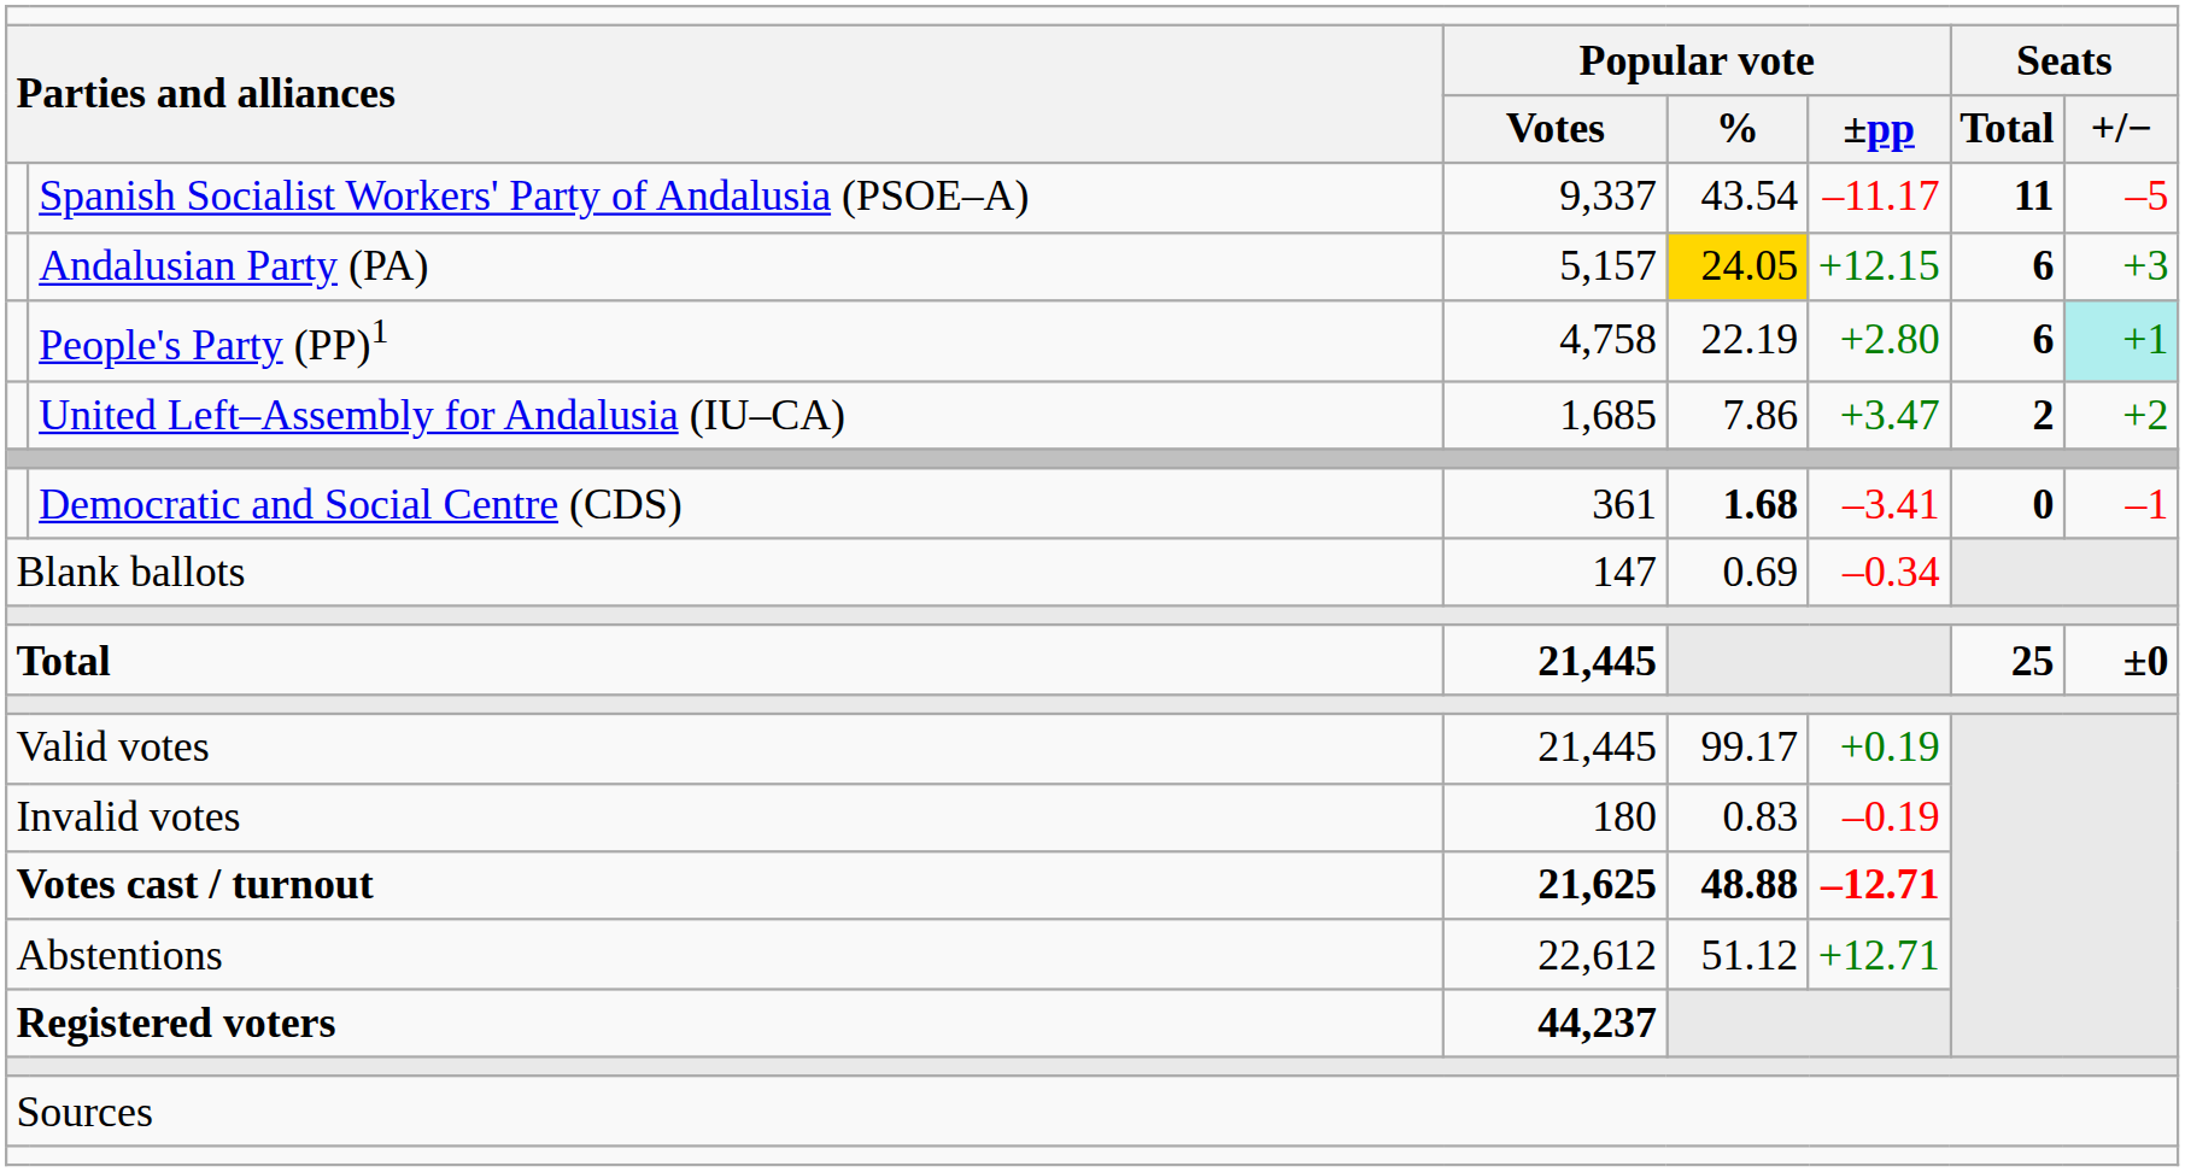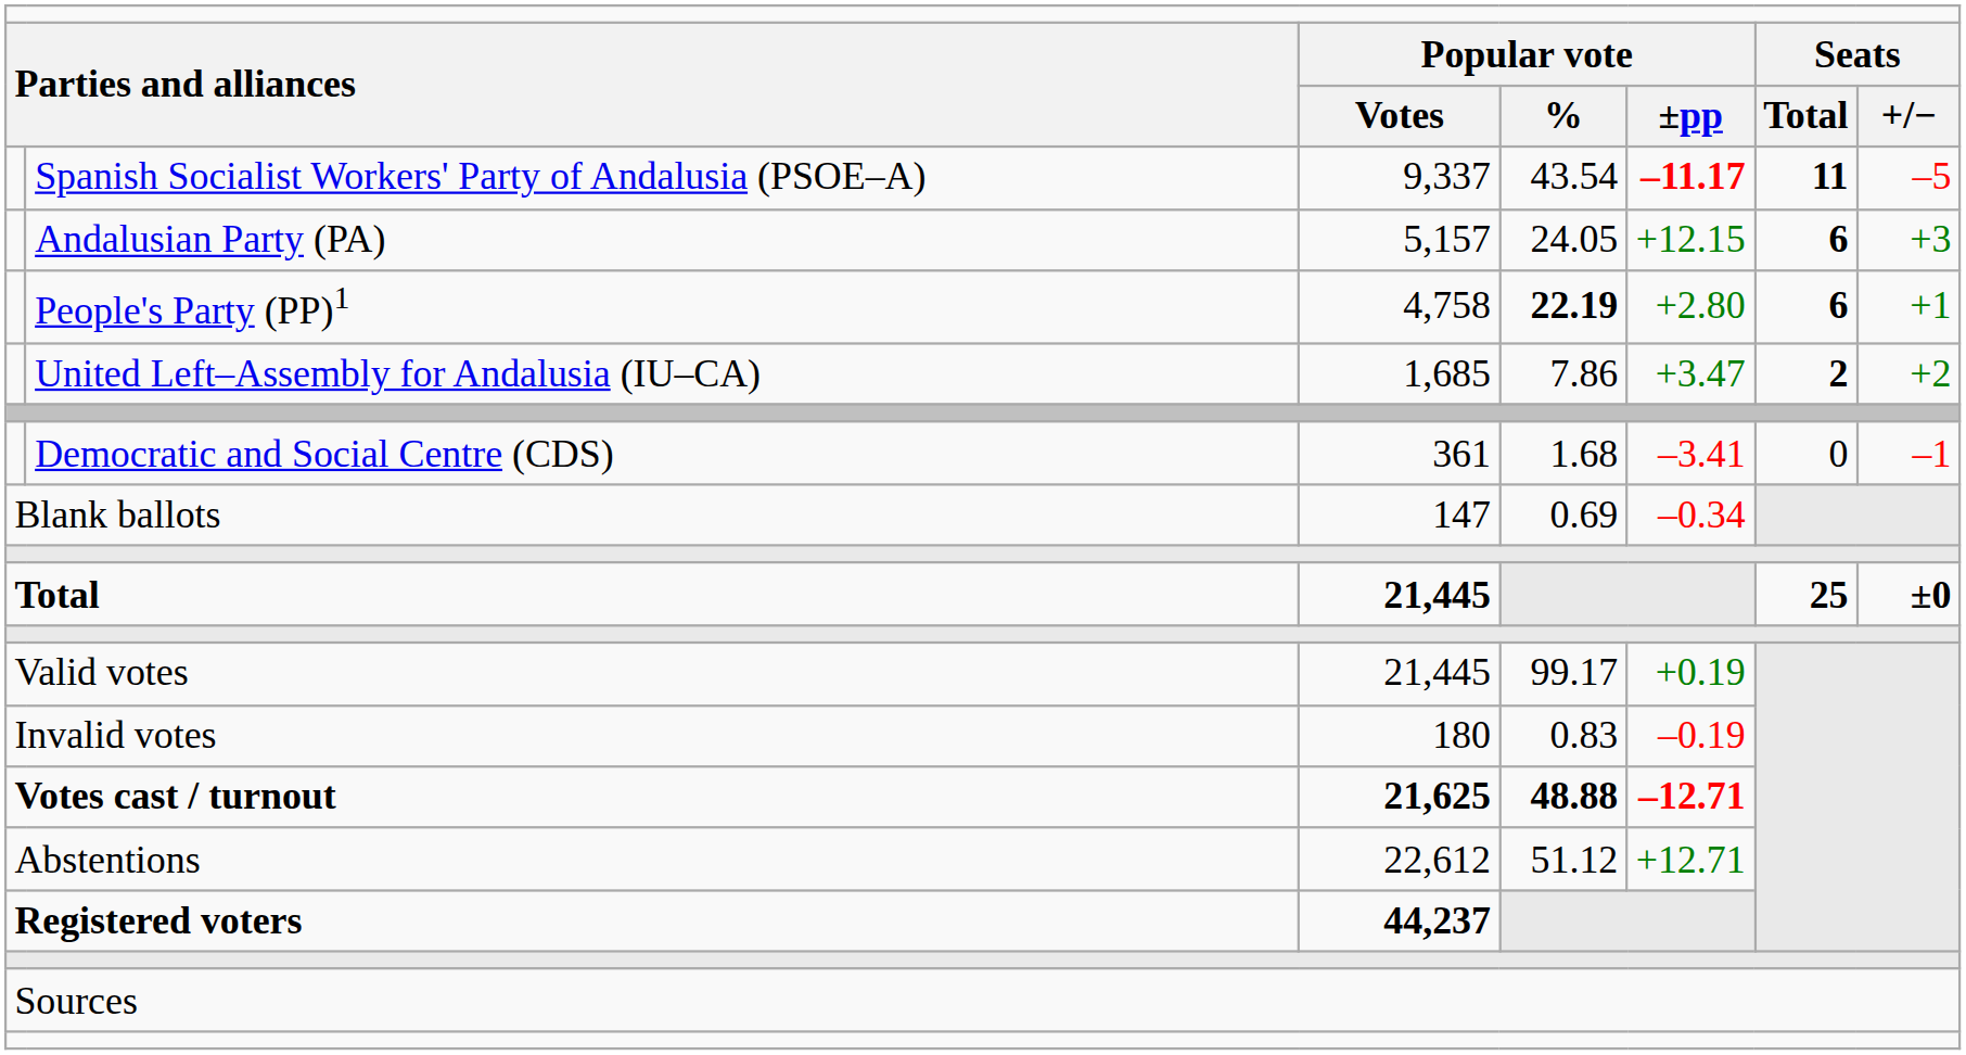 <table class="wikitable" style="text-align:right;">
 <tr>
 <td colspan="7"></td>
 </tr>
 <tr>
 <th style="text-align:left;" rowspan="2" colspan="2" width="525">Parties and alliances</th>
 <th colspan="3">Popular vote</th>
 <th colspan="2">Seats</th>
 </tr>
 <tr>
 <th width="75">Votes</th>
 <th width="45">%</th>
 <th width="45">±<a href='#'>pp</a></th>
 <th width="35">Total</th>
 <th width="35">+/−</th>
 </tr>
 <tr>
 <td width="1" style="color:inherit;background:"></td>
 <td align="left"><a href='#'>Spanish Socialist Workers' Party of Andalusia</a> (PSOE–A)</td>
 <td>9,337</td>
 <td>43.54</td>
-<td style="color:red;">–11.17</td>
+<td style="color:red;"><strong>–11.17</strong></td>
 <td><strong>11</strong></td>
 <td style="color:red;">–5</td>
 </tr>
 <tr>
 <td style="color:inherit;background:"></td>
 <td align="left"><a href='#'>Andalusian Party</a> (PA)</td>
 <td>5,157</td>
-<td style="background: gold;">24.05</td>
+<td>24.05</td>
 <td style="color:green;">+12.15</td>
 <td><strong>6</strong></td>
 <td style="color:green;">+3</td>
 </tr>
 <tr>
 <td style="color:inherit;background:"></td>
 <td align="left"><a href='#'>People's Party</a> (PP)<sup>1</sup></td>
 <td>4,758</td>
-<td>22.19</td>
+<td><strong>22.19</strong></td>
 <td style="color:green;">+2.80</td>
 <td><strong>6</strong></td>
-<td style="background: paleturquoise; color:green;">+1</td>
+<td style="color:green;">+1</td>
 </tr>
 <tr>
 <td style="color:inherit;background:"></td>
 <td align="left"><a href='#'>United Left–Assembly for Andalusia</a> (IU–CA)</td>
 <td>1,685</td>
 <td>7.86</td>
 <td style="color:green;">+3.47</td>
 <td><strong>2</strong></td>
 <td style="color:green;">+2</td>
 </tr>
 <tr>
 <td colspan="7" bgcolor="#C0C0C0"></td>
 </tr>
 <tr>
 <td style="color:inherit;background:"></td>
 <td align="left"><a href='#'>Democratic and Social Centre</a> (CDS)</td>
 <td>361</td>
-<td><strong>1.68</strong></td>
+<td>1.68</td>
 <td style="color:red;">–3.41</td>
-<td><strong>0</strong></td>
+<td>0</td>
 <td style="color:red;">–1</td>
 </tr>
 <tr>
 <td align="left" colspan="2">Blank ballots</td>
 <td>147</td>
 <td>0.69</td>
 <td style="color:red;">–0.34</td>
 <td bgcolor="#E9E9E9" colspan="2"></td>
 </tr>
 <tr>
 <td colspan="7" bgcolor="#E9E9E9"></td>
 </tr>
 <tr style="font-weight:bold;">
 <td align="left" colspan="2">Total</td>
 <td>21,445</td>
 <td bgcolor="#E9E9E9" colspan="2"></td>
 <td>25</td>
 <td>±0</td>
 </tr>
 <tr>
 <td colspan="7" bgcolor="#E9E9E9"></td>
 </tr>
 <tr>
 <td align="left" colspan="2">Valid votes</td>
 <td>21,445</td>
 <td>99.17</td>
 <td style="color:green;">+0.19</td>
 <td bgcolor="#E9E9E9" colspan="2" rowspan="5"></td>
 </tr>
 <tr>
 <td align="left" colspan="2">Invalid votes</td>
 <td>180</td>
 <td>0.83</td>
 <td style="color:red;">–0.19</td>
 </tr>
 <tr style="font-weight:bold;">
 <td align="left" colspan="2">Votes cast / turnout</td>
 <td>21,625</td>
 <td>48.88</td>
 <td style="color:red;">–12.71</td>
 </tr>
 <tr>
 <td align="left" colspan="2">Abstentions</td>
 <td>22,612</td>
 <td>51.12</td>
 <td style="color:green;">+12.71</td>
 </tr>
 <tr style="font-weight:bold;">
 <td align="left" colspan="2">Registered voters</td>
 <td>44,237</td>
 <td bgcolor="#E9E9E9" colspan="2"></td>
 </tr>
 <tr>
 <td colspan="7" bgcolor="#E9E9E9"></td>
 </tr>
 <tr>
 <td align="left" colspan="7">Sources</td>
 </tr>
 <tr>
 <td colspan="7" style="text-align:left; max-width:790px;"></td>
 </tr>
 </table>
